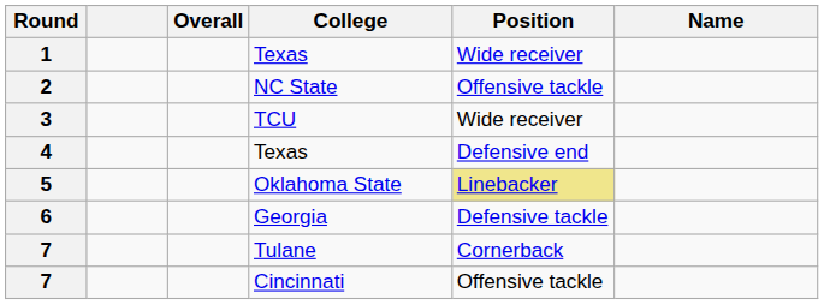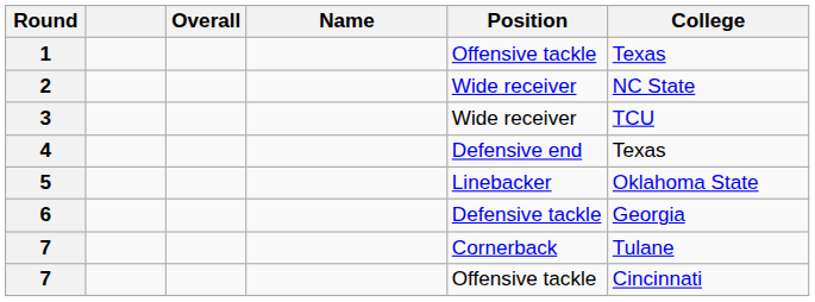 <table class="wikitable sortable" style="width: 50%;">
 <tr>
 <th scope="col" style="width: 10%;">Round</th>
 <th scope="col" style="width: 10%;"></th>
 <th scope="col" style="width: 10%;">Overall</th>
+<th scope="col" style="width: 25%;">Name</th>
+<th scope="col" style="width: 20%;">Position</th>
 <th scope="col" style="width: 25%;">College</th>
-<th scope="col" style="width: 20%;">Position</th>
-<th scope="col" style="width: 25%;">Name</th>
 </tr>
 <tr>
 <th scope="row">1</th>
 <td></td>
 <td></td>
+<td></td>
+<td><a href='#'>Offensive tackle</a></td>
 <td><a href='#'>Texas</a></td>
-<td><a href='#'>Wide receiver</a></td>
-<td></td>
 </tr>
 <tr>
 <th scope="row">2</th>
 <td></td>
 <td></td>
+<td></td>
+<td><a href='#'>Wide receiver</a></td>
 <td><a href='#'>NC State</a></td>
-<td><a href='#'>Offensive tackle</a></td>
-<td></td>
 </tr>
 <tr>
 <th scope="row">3</th>
 <td></td>
 <td></td>
+<td></td>
+<td>Wide receiver</td>
 <td><a href='#'>TCU</a></td>
-<td>Wide receiver</td>
-<td></td>
 </tr>
 <tr>
 <th scope="row">4</th>
 <td></td>
 <td></td>
+<td></td>
+<td><a href='#'>Defensive end</a></td>
 <td>Texas</td>
-<td><a href='#'>Defensive end</a></td>
-<td></td>
 </tr>
 <tr>
 <th scope="row">5</th>
 <td></td>
 <td></td>
+<td></td>
+<td><a href='#'>Linebacker</a></td>
 <td><a href='#'>Oklahoma State</a></td>
-<td style="background: khaki;"><a href='#'>Linebacker</a></td>
-<td></td>
 </tr>
 <tr>
 <th scope="row">6</th>
 <td></td>
 <td></td>
+<td></td>
+<td><a href='#'>Defensive tackle</a></td>
 <td><a href='#'>Georgia</a></td>
-<td><a href='#'>Defensive tackle</a></td>
-<td></td>
 </tr>
 <tr>
 <th scope="row">7</th>
 <td></td>
 <td></td>
+<td></td>
+<td><a href='#'>Cornerback</a></td>
 <td><a href='#'>Tulane</a></td>
-<td><a href='#'>Cornerback</a></td>
-<td></td>
 </tr>
 <tr>
 <th scope="row">7</th>
 <td></td>
 <td></td>
+<td></td>
+<td>Offensive tackle</td>
 <td><a href='#'>Cincinnati</a></td>
-<td>Offensive tackle</td>
-<td></td>
 </tr>
 </table>
